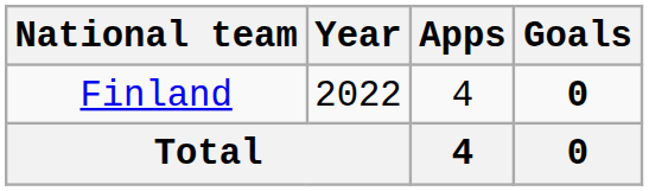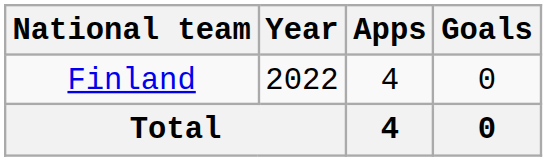 <table class=wikitable style=text-align:center>
 <tr>
 <th>National team</th>
 <th>Year</th>
 <th>Apps</th>
 <th>Goals</th>
 </tr>
 <tr>
 <td><a href='#'>Finland</a></td>
 <td>2022</td>
 <td>4</td>
-<td><strong>0</strong></td>
+<td>0</td>
 </tr>
 <tr>
 <th colspan="2">Total</th>
 <th>4</th>
 <th>0</th>
 </tr>
 </table>
